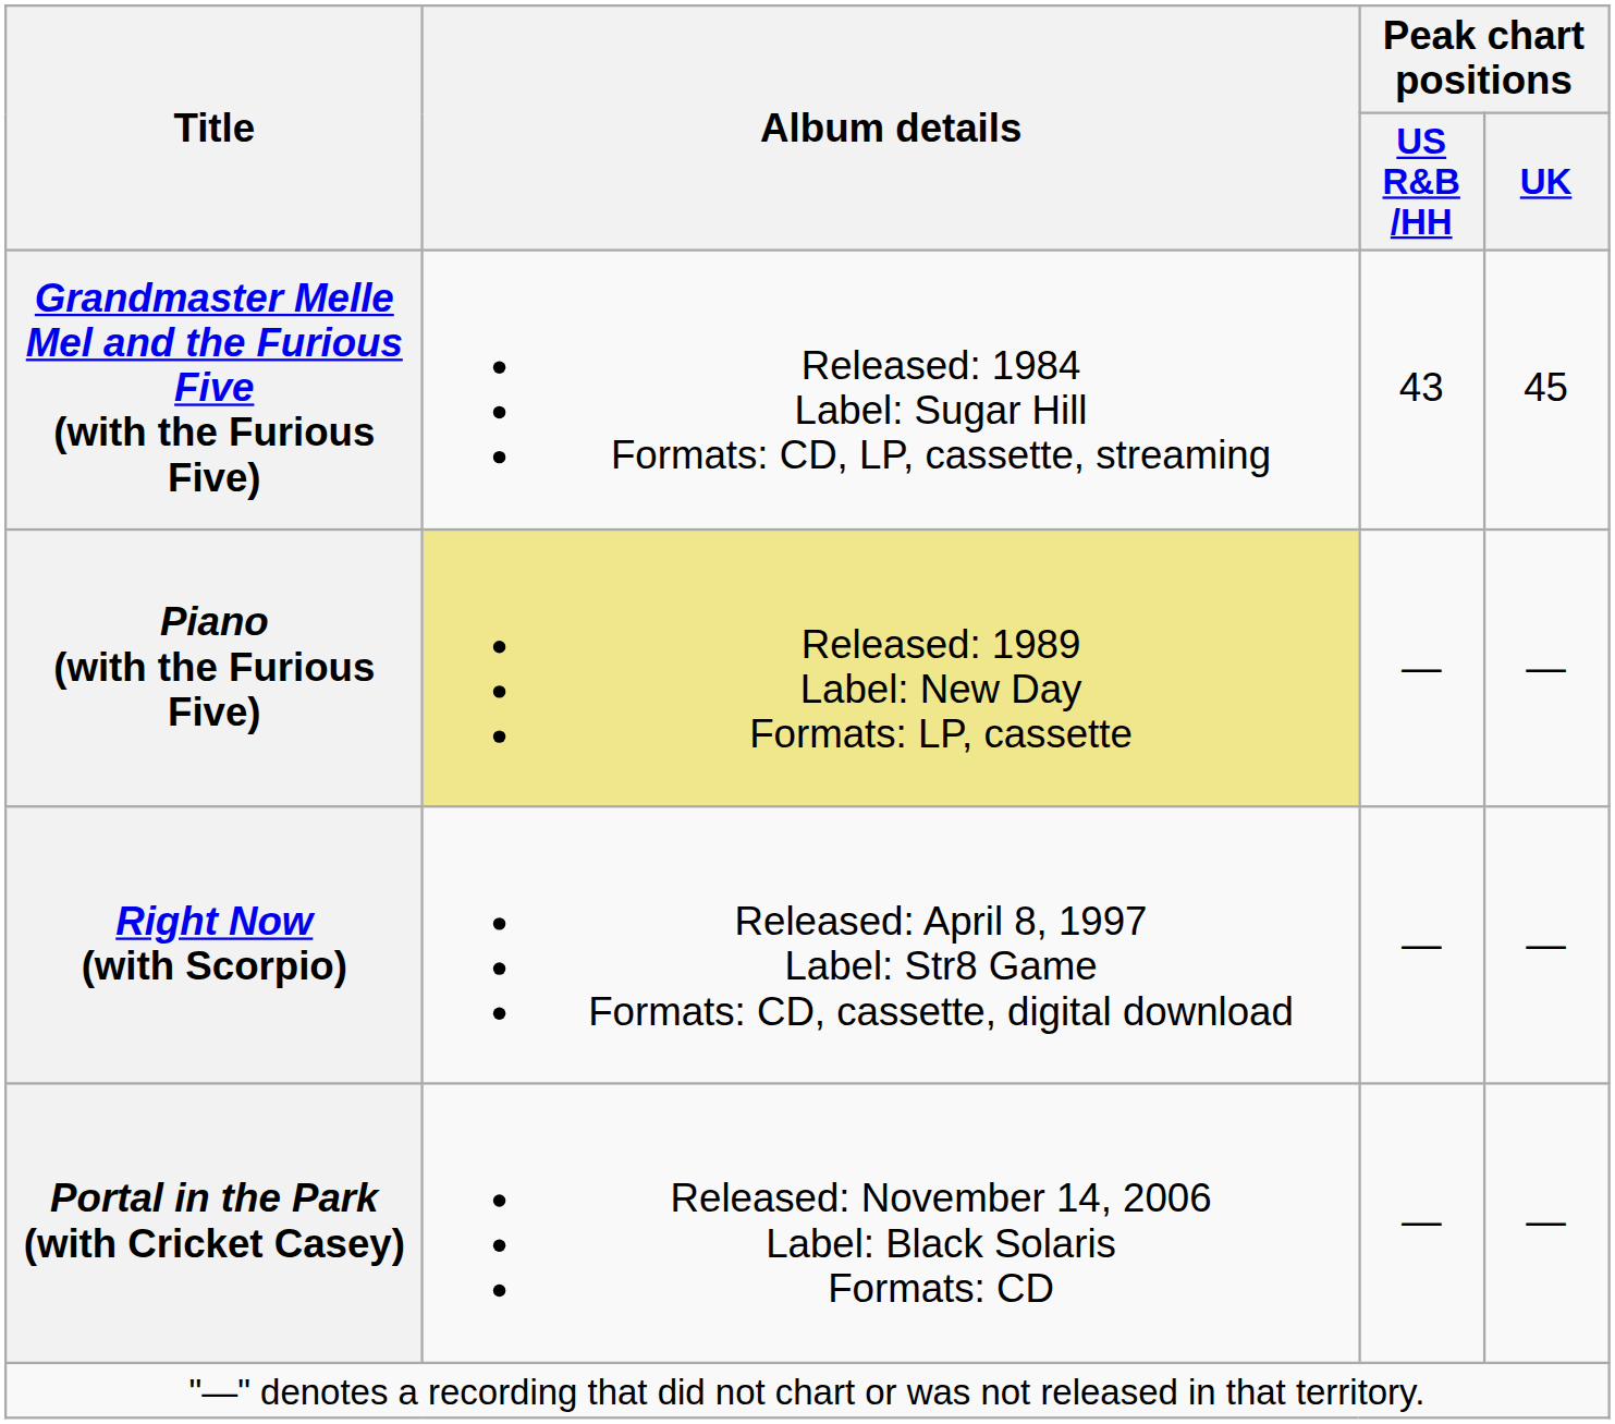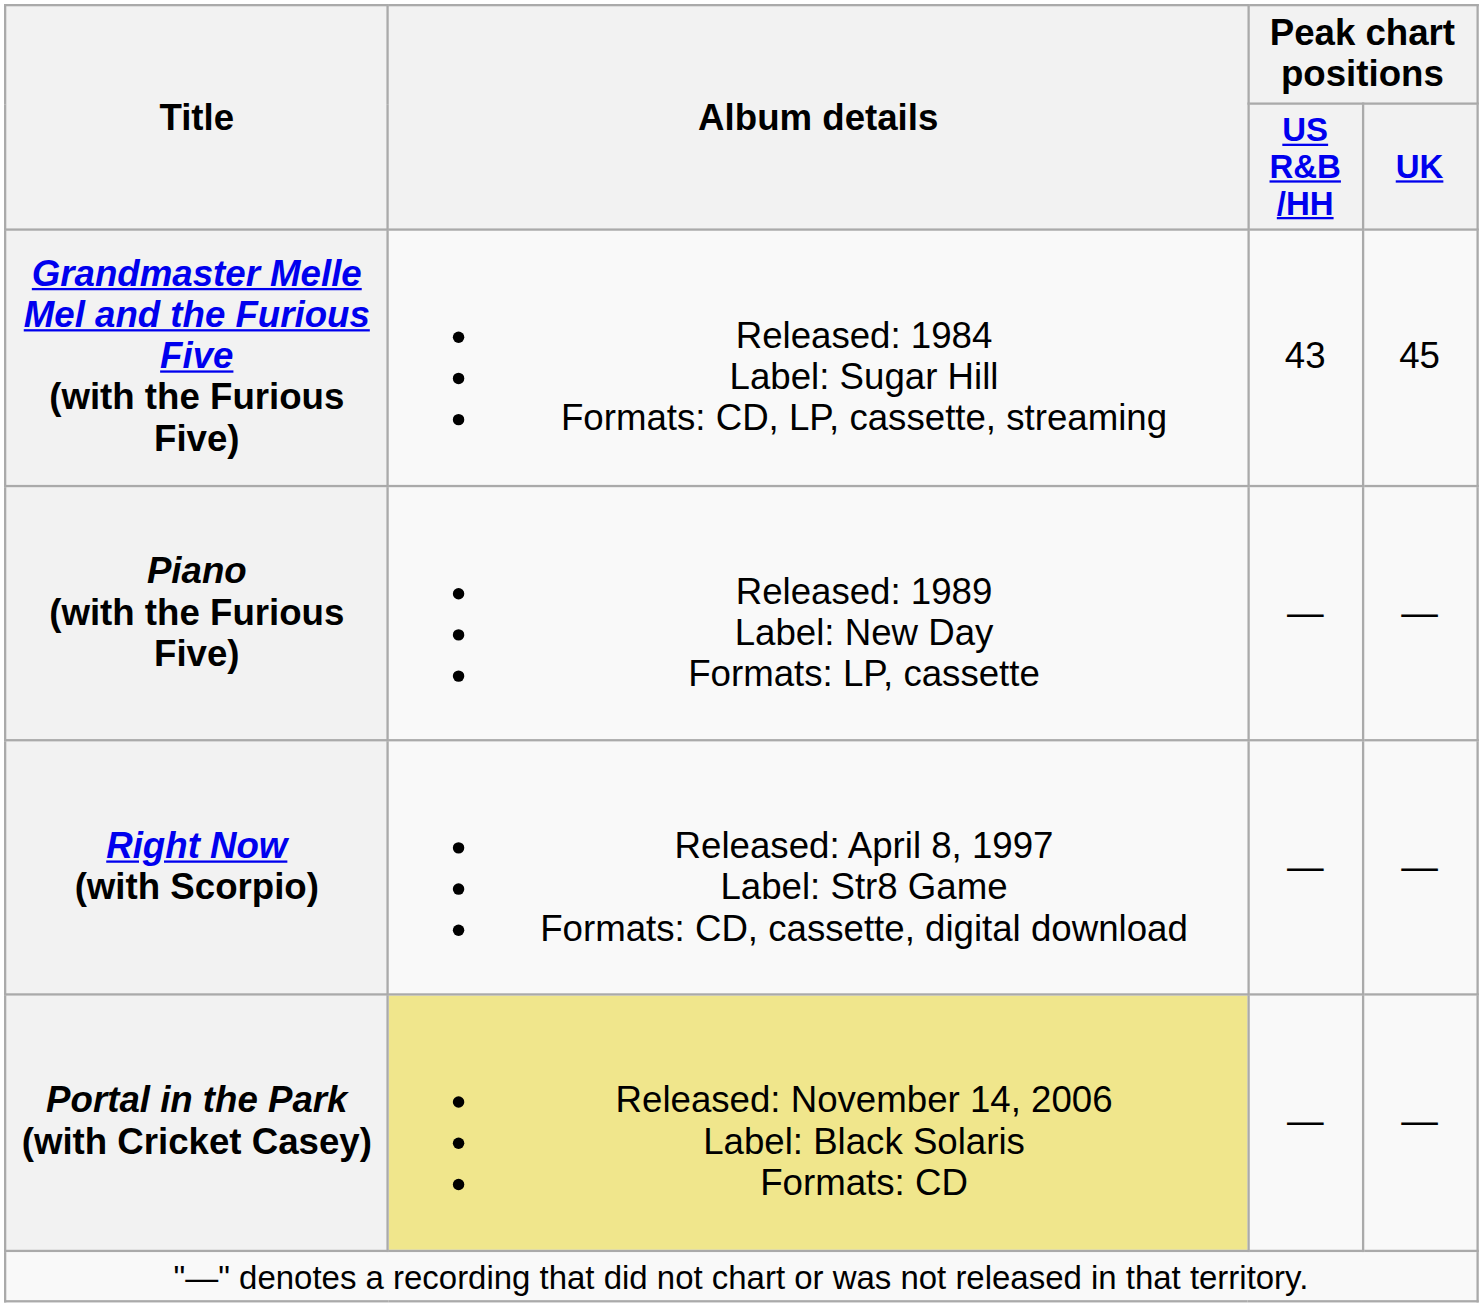 <table class="wikitable plainrowheaders" style="text-align:center;">
 <tr>
 <th scope="col" rowspan="2" style="width:10em;">Title</th>
 <th scope="col" rowspan="2" style="width:23em;">Album details</th>
 <th scope="col" colspan="2">Peak chart positions</th>
 </tr>
 <tr>
 <th scope="col" style="width:3em;font-size:90%;"><a href='#'>US<br>R&B<br>/HH</a><br></th>
 <th scope="col" style="width:3em;font-size:90%;"><a href='#'>UK</a><br></th>
 </tr>
 <tr>
 <th scope="row"><em><a href='#'>Grandmaster Melle Mel and the Furious Five</a></em><br><span>(with the Furious Five)</span></th>
 <td><br><ul><li>Released: 1984</li><li>Label: Sugar Hill</li><li>Formats: CD, LP, cassette, streaming</li></ul></td>
 <td style="text-align:center;">43</td>
 <td style="text-align:center;">45</td>
 </tr>
 <tr>
 <th scope="row"><em>Piano</em><br><span>(with the Furious Five)</span></th>
-<td style="background: khaki;"><br><ul><li>Released: 1989</li><li>Label: New Day</li><li>Formats: LP, cassette</li></ul></td>
+<td><br><ul><li>Released: 1989</li><li>Label: New Day</li><li>Formats: LP, cassette</li></ul></td>
 <td style="text-align:center;">—</td>
 <td style="text-align:center;">—</td>
 </tr>
 <tr>
 <th scope="row"><em><a href='#'>Right Now</a></em><br><span>(with Scorpio)</span></th>
 <td><br><ul><li>Released: April 8, 1997</li><li>Label: Str8 Game</li><li>Formats: CD, cassette, digital download</li></ul></td>
 <td style="text-align:center;">—</td>
 <td style="text-align:center;">—</td>
 </tr>
 <tr>
 <th scope="row"><em>Portal in the Park</em><br><span>(with Cricket Casey)</span></th>
-<td><br><ul><li>Released: November 14, 2006</li><li>Label: Black Solaris</li><li>Formats: CD</li></ul></td>
+<td style="background: khaki;"><br><ul><li>Released: November 14, 2006</li><li>Label: Black Solaris</li><li>Formats: CD</li></ul></td>
 <td style="text-align:center;">—</td>
 <td style="text-align:center;">—</td>
 </tr>
 <tr>
 <td colspan="15" style="font-size:90%">"—" denotes a recording that did not chart or was not released in that territory.</td>
 </tr>
 </table>
